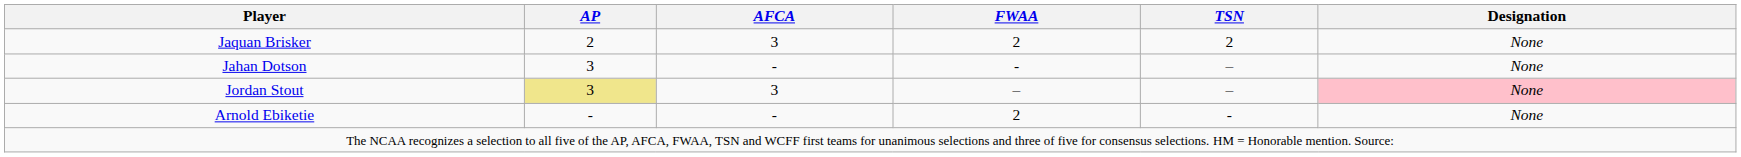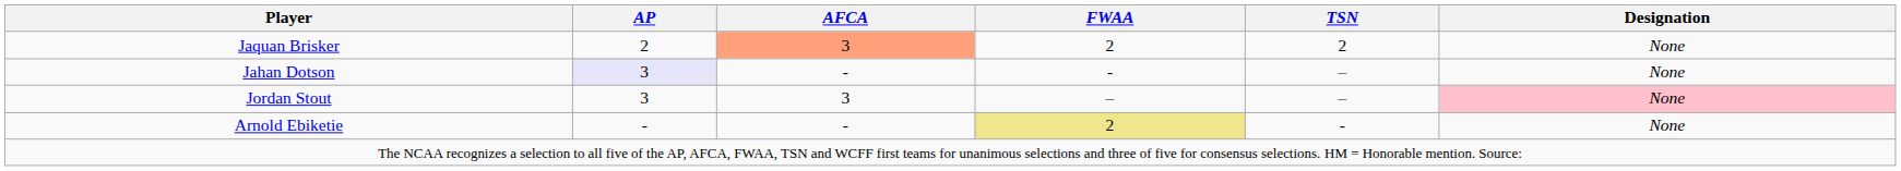 <table class="wikitable" style="width: 90%;text-align: center;">
 <tr>
 <th style=>Player</th>
 <th style=><a href='#'><em>AP</em></a></th>
 <th style=><a href='#'><em>AFCA</em></a></th>
 <th style=><a href='#'><em>FWAA</em></a></th>
 <th style=><a href='#'><em>TSN</em></a></th>
 <th style=>Designation</th>
 </tr>
 <tr align="center">
 <td><a href='#'>Jaquan Brisker</a></td>
 <td>2</td>
-<td>3</td>
+<td style="background: lightsalmon;">3</td>
 <td>2</td>
 <td>2</td>
 <td><em>None</em></td>
 </tr>
 <tr align="center">
 <td><a href='#'>Jahan Dotson</a></td>
-<td>3</td>
+<td style="background: lavender;">3</td>
 <td>-</td>
 <td>-</td>
 <td>–</td>
 <td><em>None</em></td>
 </tr>
 <tr align="center">
 <td><a href='#'>Jordan Stout</a></td>
-<td style="background: khaki;">3</td>
+<td>3</td>
 <td>3</td>
 <td>–</td>
 <td>–</td>
 <td style="background: pink;"><em>None</em></td>
 </tr>
 <tr align="center">
 <td><a href='#'>Arnold Ebiketie</a></td>
 <td>-</td>
 <td>-</td>
-<td>2</td>
+<td style="background: khaki;">2</td>
 <td>-</td>
 <td><em>None</em></td>
 </tr>
 <tr align="center">
 <td colspan=6><small>The NCAA recognizes a selection to all five of the AP, AFCA, FWAA, TSN and WCFF first teams for unanimous selections and three of five for consensus selections.</small> <small>HM = Honorable mention. Source: </small></td>
 </tr>
 </table>
